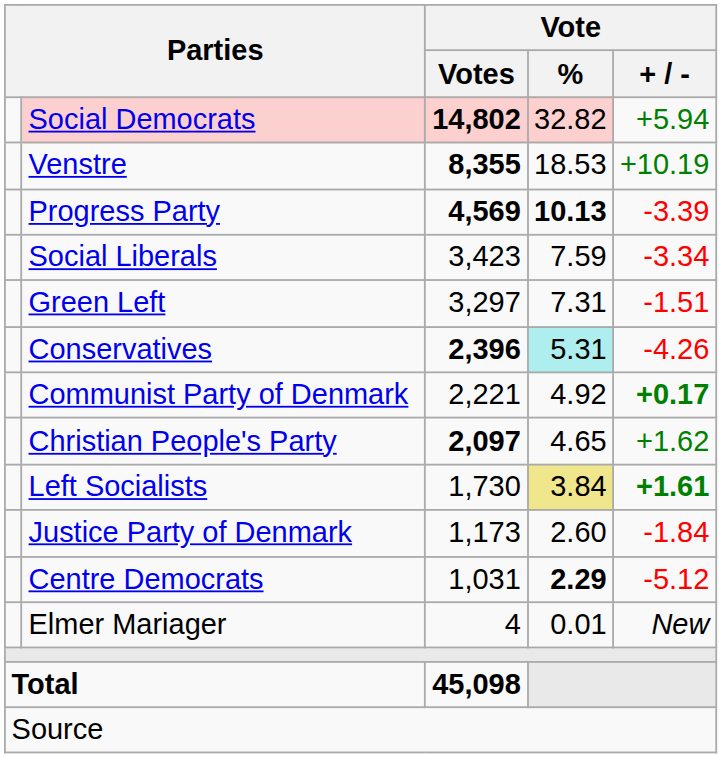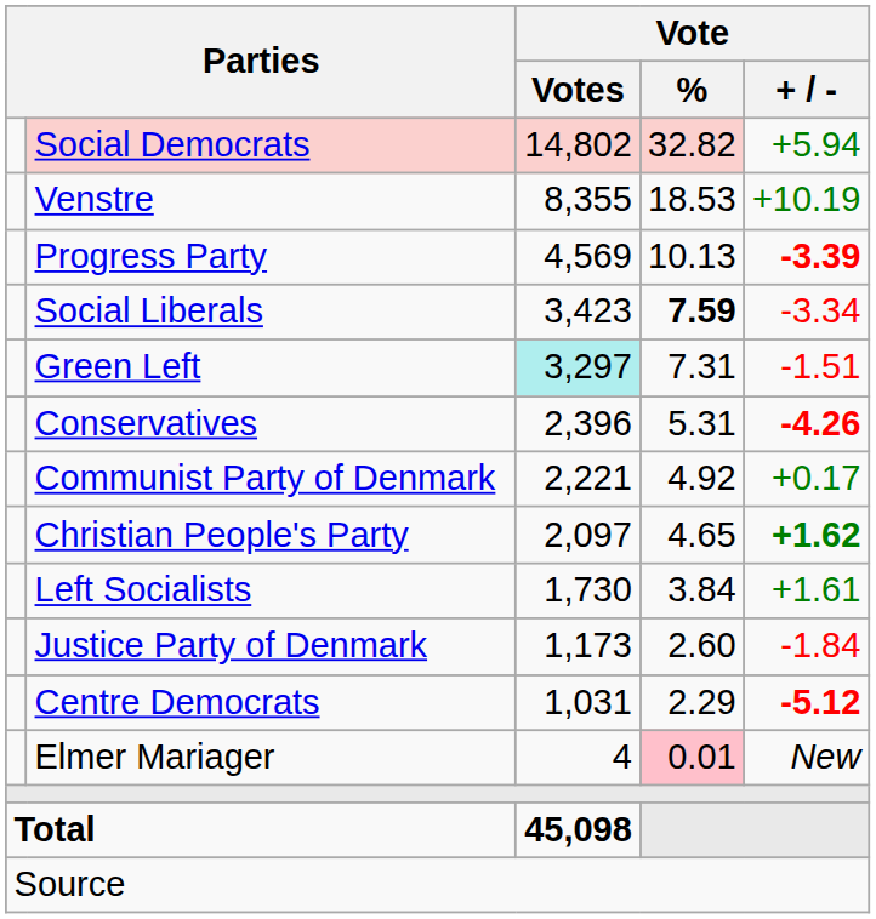 <table class="wikitable" style="text-align:right;">
 <tr>
 <th style="text-align:centre;" rowspan="2" colspan="2" width="225">Parties</th>
 <th colspan="3">Vote</th>
 </tr>
 <tr>
 <th width="15">Votes</th>
 <th width="15">%</th>
 <th width="15">+ / -</th>
 </tr>
 <tr>
 <td width="2" style="color:inherit;background:"></td>
 <td bgcolor=#fbd0ce  align="left"><a href='#'>Social Democrats</a></td>
-<td bgcolor=#fbd0ce><strong>14,802</strong></td>
+<td bgcolor=#fbd0ce>14,802</td>
 <td bgcolor=#fbd0ce>32.82</td>
 <td style=color:green;>+5.94</td>
 </tr>
 <tr>
 <td width="2" style="color:inherit;background:"></td>
 <td align="left"><a href='#'>Venstre</a></td>
-<td><strong>8,355</strong></td>
+<td>8,355</td>
 <td>18.53</td>
 <td style=color:green;>+10.19</td>
 </tr>
 <tr>
 <td width="2" style="color:inherit;background:"></td>
 <td align="left"><a href='#'>Progress Party</a></td>
-<td><strong>4,569</strong></td>
-<td><strong>10.13</strong></td>
-<td style=color:red;>-3.39</td>
+<td>4,569</td>
+<td>10.13</td>
+<td style=color:red;><strong>-3.39</strong></td>
 </tr>
 <tr>
 <td width="2" style="color:inherit;background:"></td>
 <td align="left"><a href='#'>Social Liberals</a></td>
 <td>3,423</td>
-<td>7.59</td>
+<td><strong>7.59</strong></td>
 <td style=color:red;>-3.34</td>
 </tr>
 <tr>
 <td width="2" style="color:inherit;background:"></td>
 <td align="left"><a href='#'>Green Left</a></td>
-<td>3,297</td>
+<td style="background: paleturquoise;">3,297</td>
 <td>7.31</td>
 <td style=color:red;>-1.51</td>
 </tr>
 <tr>
 <td width="2" style="color:inherit;background:"></td>
 <td align="left"><a href='#'>Conservatives</a></td>
-<td><strong>2,396</strong></td>
-<td style="background: paleturquoise;">5.31</td>
-<td style=color:red;>-4.26</td>
+<td>2,396</td>
+<td>5.31</td>
+<td style=color:red;><strong>-4.26</strong></td>
 </tr>
 <tr>
 <td width="2" style="color:inherit;background:"></td>
 <td align="left"><a href='#'>Communist Party of Denmark</a></td>
 <td>2,221</td>
 <td>4.92</td>
-<td style=color:green;><strong>+0.17</strong></td>
+<td style=color:green;>+0.17</td>
 </tr>
 <tr>
 <td width="2" style="color:inherit;background:"></td>
 <td align="left"><a href='#'>Christian People's Party</a></td>
-<td><strong>2,097</strong></td>
+<td>2,097</td>
 <td>4.65</td>
-<td style=color:green;>+1.62</td>
+<td style=color:green;><strong>+1.62</strong></td>
 </tr>
 <tr>
 <td width="2" style="color:inherit;background:"></td>
 <td align="left"><a href='#'>Left Socialists</a></td>
 <td>1,730</td>
-<td style="background: khaki;">3.84</td>
-<td style=color:green;><strong>+1.61</strong></td>
+<td>3.84</td>
+<td style=color:green;>+1.61</td>
 </tr>
 <tr>
 <td width="2" style="color:inherit;background:"></td>
 <td align="left"><a href='#'>Justice Party of Denmark</a></td>
 <td>1,173</td>
 <td>2.60</td>
 <td style=color:red;>-1.84</td>
 </tr>
 <tr>
 <td width="2" style="color:inherit;background:"></td>
 <td align="left"><a href='#'>Centre Democrats</a></td>
 <td>1,031</td>
-<td><strong>2.29</strong></td>
-<td style=color:red;>-5.12</td>
+<td>2.29</td>
+<td style=color:red;><strong>-5.12</strong></td>
 </tr>
 <tr>
 <td width="2" style="color:inherit;background:"></td>
 <td align="left">Elmer Mariager</td>
 <td>4</td>
-<td>0.01</td>
+<td style="background: pink;">0.01</td>
 <td><em>New</em></td>
 </tr>
 <tr>
 <td colspan="7" bgcolor="#E9E9E9"></td>
 </tr>
 <tr>
 <td align="left" colspan="2"><strong>Total</strong></td>
 <td><strong>45,098</strong></td>
 <td bgcolor="#E9E9E9" colspan="2"></td>
 </tr>
 <tr>
 <td align="left" colspan="6">Source</td>
 </tr>
 </table>
